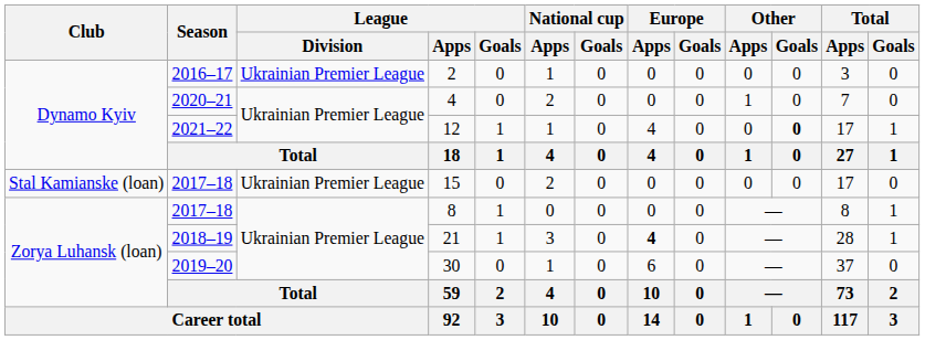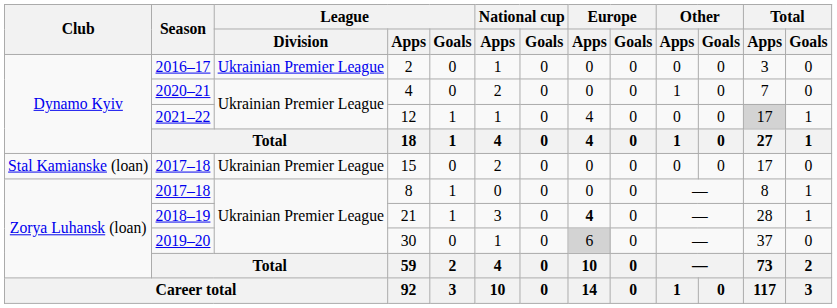 <table class="wikitable" style="text-align:center">
 <tr>
 <th rowspan="2">Club</th>
 <th rowspan="2">Season</th>
 <th colspan="3">League</th>
 <th colspan="2">National cup</th>
 <th colspan="2">Europe</th>
 <th colspan="2">Other</th>
 <th colspan="2">Total</th>
 </tr>
 <tr>
 <th>Division</th>
 <th>Apps</th>
 <th>Goals</th>
 <th>Apps</th>
 <th>Goals</th>
 <th>Apps</th>
 <th>Goals</th>
 <th>Apps</th>
 <th>Goals</th>
 <th>Apps</th>
 <th>Goals</th>
 </tr>
 <tr>
 <td rowspan="4"><a href='#'>Dynamo Kyiv</a></td>
 <td><a href='#'>2016–17</a></td>
 <td><a href='#'>Ukrainian Premier League</a></td>
 <td>2</td>
 <td>0</td>
 <td>1</td>
 <td>0</td>
 <td>0</td>
 <td>0</td>
 <td>0</td>
 <td>0</td>
 <td>3</td>
 <td>0</td>
 </tr>
 <tr>
 <td><a href='#'>2020–21</a></td>
 <td rowspan="2">Ukrainian Premier League</td>
 <td>4</td>
 <td>0</td>
 <td>2</td>
 <td>0</td>
 <td>0</td>
 <td>0</td>
 <td>1</td>
 <td>0</td>
 <td>7</td>
 <td>0</td>
 </tr>
 <tr>
 <td><a href='#'>2021–22</a></td>
 <td>12</td>
 <td>1</td>
 <td>1</td>
 <td>0</td>
 <td>4</td>
 <td>0</td>
 <td>0</td>
-<td><strong>0</strong></td>
-<td>17</td>
+<td>0</td>
+<td style="background: lightgrey;">17</td>
 <td>1</td>
 </tr>
 <tr>
 <th colspan="2">Total</th>
 <th>18</th>
 <th>1</th>
 <th>4</th>
 <th>0</th>
 <th>4</th>
 <th>0</th>
 <th>1</th>
 <th>0</th>
 <th>27</th>
 <th>1</th>
 </tr>
 <tr>
 <td><a href='#'>Stal Kamianske</a> (loan)</td>
 <td><a href='#'>2017–18</a></td>
 <td>Ukrainian Premier League</td>
 <td>15</td>
 <td>0</td>
 <td>2</td>
 <td>0</td>
 <td>0</td>
 <td>0</td>
 <td>0</td>
 <td>0</td>
 <td>17</td>
 <td>0</td>
 </tr>
 <tr>
 <td rowspan="4"><a href='#'>Zorya Luhansk</a> (loan)</td>
 <td><a href='#'>2017–18</a></td>
 <td rowspan="3">Ukrainian Premier League</td>
 <td>8</td>
 <td>1</td>
 <td>0</td>
 <td>0</td>
 <td>0</td>
 <td>0</td>
 <td colspan="2">—</td>
 <td>8</td>
 <td>1</td>
 </tr>
 <tr>
 <td><a href='#'>2018–19</a></td>
 <td>21</td>
 <td>1</td>
 <td>3</td>
 <td>0</td>
 <td><strong>4</strong></td>
 <td>0</td>
 <td colspan="2">—</td>
 <td>28</td>
 <td>1</td>
 </tr>
 <tr>
 <td><a href='#'>2019–20</a></td>
 <td>30</td>
 <td>0</td>
 <td>1</td>
 <td>0</td>
-<td>6</td>
+<td style="background: lightgrey;">6</td>
 <td>0</td>
 <td colspan="2">—</td>
 <td>37</td>
 <td>0</td>
 </tr>
 <tr>
 <th colspan="2">Total</th>
 <th>59</th>
 <th>2</th>
 <th>4</th>
 <th>0</th>
 <th>10</th>
 <th>0</th>
 <th colspan="2">—</th>
 <th>73</th>
 <th>2</th>
 </tr>
 <tr>
 <th colspan="3">Career total</th>
 <th>92</th>
 <th>3</th>
 <th>10</th>
 <th>0</th>
 <th>14</th>
 <th>0</th>
 <th>1</th>
 <th>0</th>
 <th>117</th>
 <th>3</th>
 </tr>
 </table>
